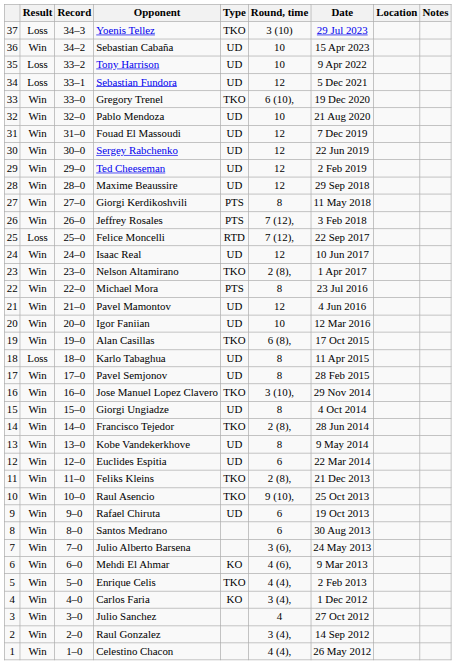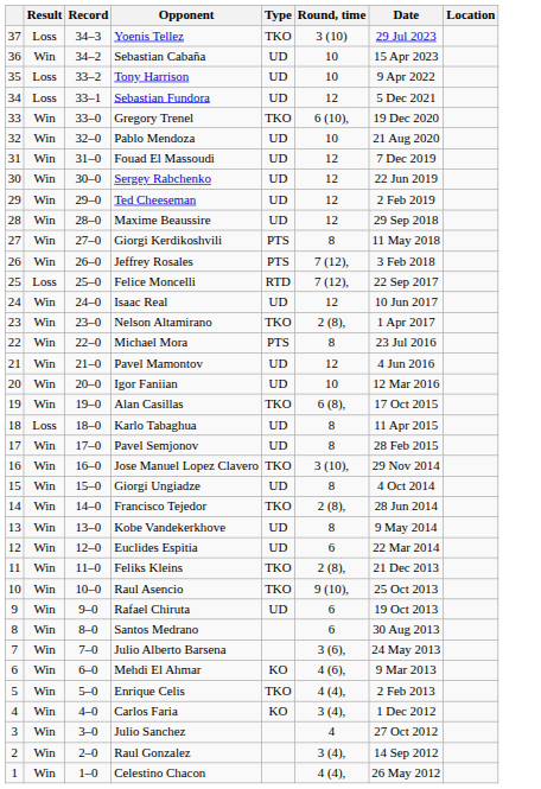 <table class="wikitable" style="text-align:center">
 <tr>
 <th></th>
 <th>Result</th>
 <th>Record</th>
 <th>Opponent</th>
 <th>Type</th>
 <th>Round, time</th>
 <th>Date</th>
 <th>Location</th>
-<th>Notes</th>
 </tr>
 <tr>
 <td>37</td>
 <td>Loss</td>
 <td>34–3</td>
 <td align=left><a href='#'>Yoenis Tellez</a></td>
 <td>TKO</td>
 <td>3 (10) </td>
 <td><a href='#'>29 Jul 2023</a></td>
 <td style="text-align:left;"></td>
-<td></td>
 </tr>
 <tr>
 <td>36</td>
 <td>Win</td>
 <td>34–2</td>
 <td align=left>Sebastian Cabaña</td>
 <td>UD</td>
 <td>10</td>
 <td>15 Apr 2023</td>
 <td style="text-align:left;"></td>
-<td></td>
 </tr>
 <tr>
 <td>35</td>
 <td>Loss</td>
 <td>33–2</td>
 <td align=left><a href='#'>Tony Harrison</a></td>
 <td>UD</td>
 <td>10</td>
 <td>9 Apr 2022</td>
-<td align=left></td>
 <td align=left></td>
 </tr>
 <tr>
 <td>34</td>
 <td>Loss</td>
 <td>33–1</td>
 <td align=left><a href='#'>Sebastian Fundora</a></td>
 <td>UD</td>
 <td>12</td>
 <td>5 Dec 2021</td>
 <td align=left></td>
-<td align=left></td>
 </tr>
 <tr>
 <td>33</td>
 <td>Win</td>
 <td>33–0</td>
 <td align=left>Gregory Trenel</td>
 <td>TKO</td>
 <td>6 (10), </td>
 <td>19 Dec 2020</td>
 <td align=left></td>
-<td></td>
 </tr>
 <tr>
 <td>32</td>
 <td>Win</td>
 <td>32–0</td>
 <td align=left>Pablo Mendoza</td>
 <td>UD</td>
 <td>10</td>
 <td>21 Aug 2020</td>
 <td align=left></td>
-<td></td>
 </tr>
 <tr>
 <td>31</td>
 <td>Win</td>
 <td>31–0</td>
 <td style="text-align:left;">Fouad El Massoudi</td>
 <td>UD</td>
 <td>12</td>
 <td>7 Dec 2019</td>
 <td style="text-align:left;"></td>
-<td></td>
 </tr>
 <tr>
 <td>30</td>
 <td>Win</td>
 <td>30–0</td>
 <td style="text-align:left;"><a href='#'>Sergey Rabchenko</a></td>
 <td>UD</td>
 <td>12</td>
 <td>22 Jun 2019</td>
 <td style="text-align:left;"></td>
-<td align=left></td>
 </tr>
 <tr>
 <td>29</td>
 <td>Win</td>
 <td>29–0</td>
 <td style="text-align:left;"><a href='#'>Ted Cheeseman</a></td>
 <td>UD</td>
 <td>12</td>
 <td>2 Feb 2019</td>
 <td style="text-align:left;"></td>
-<td align=left></td>
 </tr>
 <tr>
 <td>28</td>
 <td>Win</td>
 <td>28–0</td>
 <td style="text-align:left;">Maxime Beaussire</td>
 <td>UD</td>
 <td>12</td>
 <td>29 Sep 2018</td>
 <td style="text-align:left;"></td>
-<td align=left></td>
 </tr>
 <tr>
 <td>27</td>
 <td>Win</td>
 <td>27–0</td>
 <td style="text-align:left;">Giorgi Kerdikoshvili</td>
 <td>PTS</td>
 <td>8</td>
 <td>11 May 2018</td>
 <td style="text-align:left;"></td>
-<td></td>
 </tr>
 <tr>
 <td>26</td>
 <td>Win</td>
 <td>26–0</td>
 <td style="text-align:left;">Jeffrey Rosales</td>
 <td>PTS</td>
 <td>7 (12), </td>
 <td>3 Feb 2018</td>
 <td style="text-align:left;"></td>
-<td></td>
 </tr>
 <tr>
 <td>25</td>
 <td>Loss</td>
 <td>25–0</td>
 <td style="text-align:left;">Felice Moncelli</td>
 <td>RTD</td>
 <td>7 (12), </td>
 <td>22 Sep 2017</td>
 <td style="text-align:left;"></td>
-<td align=left></td>
 </tr>
 <tr>
 <td>24</td>
 <td>Win</td>
 <td>24–0</td>
 <td style="text-align:left;">Isaac Real</td>
 <td>UD</td>
 <td>12</td>
 <td>10 Jun 2017</td>
 <td style="text-align:left;"></td>
-<td align=left></td>
 </tr>
 <tr>
 <td>23</td>
 <td>Win</td>
 <td>23–0</td>
 <td style="text-align:left;">Nelson Altamirano</td>
 <td>TKO</td>
 <td>2 (8), </td>
 <td>1 Apr 2017</td>
 <td style="text-align:left;"></td>
-<td></td>
 </tr>
 <tr>
 <td>22</td>
 <td>Win</td>
 <td>22–0</td>
 <td style="text-align:left;">Michael Mora</td>
 <td>PTS</td>
 <td>8</td>
 <td>23 Jul 2016</td>
 <td style="text-align:left;"></td>
-<td></td>
 </tr>
 <tr>
 <td>21</td>
 <td>Win</td>
 <td>21–0</td>
 <td style="text-align:left;">Pavel Mamontov</td>
 <td>UD</td>
 <td>12</td>
 <td>4 Jun 2016</td>
 <td style="text-align:left;"></td>
-<td align=left></td>
 </tr>
 <tr>
 <td>20</td>
 <td>Win</td>
 <td>20–0</td>
 <td style="text-align:left;">Igor Faniian</td>
 <td>UD</td>
 <td>10</td>
 <td>12 Mar 2016</td>
 <td style="text-align:left;"></td>
-<td></td>
 </tr>
 <tr>
 <td>19</td>
 <td>Win</td>
 <td>19–0</td>
 <td style="text-align:left;">Alan Casillas</td>
 <td>TKO</td>
 <td>6 (8), </td>
 <td>17 Oct 2015</td>
 <td style="text-align:left;"></td>
-<td></td>
 </tr>
 <tr>
 <td>18</td>
 <td>Loss</td>
 <td>18–0</td>
 <td style="text-align:left;">Karlo Tabaghua</td>
 <td>UD</td>
 <td>8</td>
 <td>11 Apr 2015</td>
 <td style="text-align:left;"></td>
-<td></td>
 </tr>
 <tr>
 <td>17</td>
 <td>Win</td>
 <td>17–0</td>
 <td style="text-align:left;">Pavel Semjonov</td>
 <td>UD</td>
 <td>8</td>
 <td>28 Feb 2015</td>
 <td style="text-align:left;"></td>
-<td></td>
 </tr>
 <tr>
 <td>16</td>
 <td>Win</td>
 <td>16–0</td>
 <td style="text-align:left;">Jose Manuel Lopez Clavero</td>
 <td>TKO</td>
 <td>3 (10), </td>
 <td>29 Nov 2014</td>
 <td style="text-align:left;"></td>
-<td align=left></td>
 </tr>
 <tr>
 <td>15</td>
 <td>Win</td>
 <td>15–0</td>
 <td style="text-align:left;">Giorgi Ungiadze</td>
 <td>UD</td>
 <td>8</td>
 <td>4 Oct 2014</td>
 <td style="text-align:left;"></td>
-<td></td>
 </tr>
 <tr>
 <td>14</td>
 <td>Win</td>
 <td>14–0</td>
 <td style="text-align:left;">Francisco Tejedor</td>
 <td>TKO</td>
 <td>2 (8), </td>
 <td>28 Jun 2014</td>
 <td style="text-align:left;"></td>
-<td></td>
 </tr>
 <tr>
 <td>13</td>
 <td>Win</td>
 <td>13–0</td>
 <td style="text-align:left;">Kobe Vandekerkhove</td>
 <td>UD</td>
 <td>8</td>
 <td>9 May 2014</td>
 <td style="text-align:left;"></td>
-<td></td>
 </tr>
 <tr>
 <td>12</td>
 <td>Win</td>
 <td>12–0</td>
 <td style="text-align:left;">Euclides Espitia</td>
 <td>UD</td>
 <td>6</td>
 <td>22 Mar 2014</td>
 <td style="text-align:left;"></td>
-<td></td>
 </tr>
 <tr>
 <td>11</td>
 <td>Win</td>
 <td>11–0</td>
 <td style="text-align:left;">Feliks Kleins</td>
 <td>TKO</td>
 <td>2 (8), </td>
 <td>21 Dec 2013</td>
 <td style="text-align:left;"></td>
-<td></td>
 </tr>
 <tr>
 <td>10</td>
 <td>Win</td>
 <td>10–0</td>
 <td style="text-align:left;">Raul Asencio</td>
 <td>TKO</td>
 <td>9 (10), </td>
 <td>25 Oct 2013</td>
 <td style="text-align:left;"></td>
-<td align=left></td>
 </tr>
 <tr>
 <td>9</td>
 <td>Win</td>
 <td>9–0</td>
 <td style="text-align:left;">Rafael Chiruta</td>
 <td>UD</td>
 <td>6</td>
 <td>19 Oct 2013</td>
 <td style="text-align:left;"></td>
-<td></td>
 </tr>
 <tr>
 <td>8</td>
 <td>Win</td>
 <td>8–0</td>
 <td style="text-align:left;">Santos Medrano</td>
 <td></td>
 <td>6</td>
 <td>30 Aug 2013</td>
 <td style="text-align:left;"></td>
-<td></td>
 </tr>
 <tr>
 <td>7</td>
 <td>Win</td>
 <td>7–0</td>
 <td style="text-align:left;">Julio Alberto Barsena</td>
 <td></td>
 <td>3 (6), </td>
 <td>24 May 2013</td>
 <td style="text-align:left;"></td>
-<td></td>
 </tr>
 <tr>
 <td>6</td>
 <td>Win</td>
 <td>6–0</td>
 <td style="text-align:left;">Mehdi El Ahmar</td>
 <td>KO</td>
 <td>4 (6), </td>
 <td>9 Mar 2013</td>
 <td style="text-align:left;"></td>
-<td></td>
 </tr>
 <tr>
 <td>5</td>
 <td>Win</td>
 <td>5–0</td>
 <td style="text-align:left;">Enrique Celis</td>
 <td>TKO</td>
 <td>4 (4), </td>
 <td>2 Feb 2013</td>
 <td style="text-align:left;"></td>
-<td></td>
 </tr>
 <tr>
 <td>4</td>
 <td>Win</td>
 <td>4–0</td>
 <td style="text-align:left;">Carlos Faria</td>
 <td>KO</td>
 <td>3 (4), </td>
 <td>1 Dec 2012</td>
 <td style="text-align:left;"></td>
-<td></td>
 </tr>
 <tr>
 <td>3</td>
 <td>Win</td>
 <td>3–0</td>
 <td style="text-align:left;">Julio Sanchez</td>
 <td></td>
 <td>4</td>
 <td>27 Oct 2012</td>
 <td style="text-align:left;"></td>
-<td></td>
 </tr>
 <tr>
 <td>2</td>
 <td>Win</td>
 <td>2–0</td>
 <td style="text-align:left;">Raul Gonzalez</td>
 <td></td>
 <td>3 (4), </td>
 <td>14 Sep 2012</td>
 <td style="text-align:left;"></td>
-<td></td>
 </tr>
 <tr>
 <td>1</td>
 <td>Win</td>
 <td>1–0</td>
 <td style="text-align:left;">Celestino Chacon</td>
 <td></td>
 <td>4 (4), </td>
 <td>26 May 2012</td>
 <td style="text-align:left;"></td>
-<td></td>
 </tr>
 </table>
